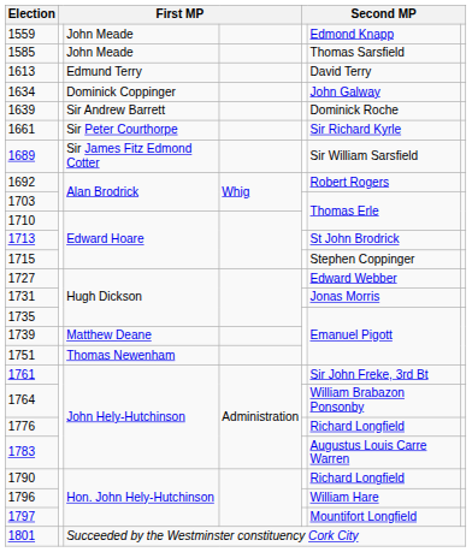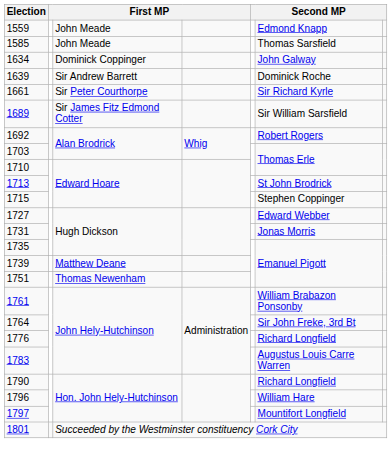 <table class="wikitable">
 <tr>
 <th>Election</th>
 <th colspan=3>First MP</th>
 <th colspan=3>Second MP</th>
 </tr>
 <tr>
 <td>1559</td>
 <td style="background-color: white"></td>
 <td>John Meade </td>
 <td></td>
 <td style="background-color: white"></td>
 <td><a href='#'>Edmond Knapp</a></td>
 <td></td>
 </tr>
 <tr>
 <td>1585</td>
 <td style="background-color: white"></td>
 <td>John Meade </td>
 <td></td>
 <td style="background-color: white"></td>
 <td>Thomas Sarsfield</td>
-<td></td>
-</tr>
-<tr>
-<td>1613</td>
-<td style="background-color: white"></td>
-<td>Edmund Terry </td>
-<td></td>
-<td style="background-color: white"></td>
-<td>David Terry</td>
 <td></td>
 </tr>
 <tr>
 <td>1634</td>
 <td style="background-color: white"></td>
 <td>Dominick Coppinger </td>
 <td></td>
 <td style="background-color: white"></td>
 <td><a href='#'>John Galway</a></td>
 <td></td>
 </tr>
 <tr>
 <td>1639</td>
 <td style="background-color: white"></td>
 <td>Sir Andrew Barrett </td>
 <td></td>
 <td style="background-color: white"></td>
 <td>Dominick Roche</td>
 <td></td>
 </tr>
 <tr>
 <td>1661</td>
 <td style="background-color: white"></td>
 <td>Sir <a href='#'>Peter Courthorpe</a> </td>
 <td></td>
 <td style="background-color: white"></td>
 <td><a href='#'>Sir Richard Kyrle</a></td>
 <td></td>
 </tr>
 <tr>
 <td><a href='#'>1689</a></td>
 <td style="background-color: white"></td>
 <td>Sir <a href='#'>James Fitz Edmond Cotter</a> </td>
 <td></td>
 <td style="background-color: white"></td>
 <td>Sir William Sarsfield</td>
 <td></td>
 </tr>
 <tr>
 <td>1692</td>
 <td rowspan="2" style="background-color: "></td>
 <td rowspan="2"><a href='#'>Alan Brodrick</a></td>
 <td rowspan="2"><a href='#'>Whig</a></td>
 <td style="background-color: white"></td>
 <td><a href='#'>Robert Rogers</a></td>
 <td></td>
 </tr>
 <tr>
 <td>1703</td>
 <td rowspan="2" style="background-color: white"></td>
 <td rowspan="2"><a href='#'>Thomas Erle</a></td>
 <td rowspan="2"></td>
 </tr>
 <tr>
 <td>1710</td>
 <td rowspan="3" style="background-color: white"></td>
 <td rowspan="3"><a href='#'>Edward Hoare</a></td>
 <td rowspan="3"></td>
 </tr>
 <tr>
 <td><a href='#'>1713</a></td>
 <td style="background-color: white"></td>
 <td><a href='#'>St John Brodrick</a></td>
 <td></td>
 </tr>
 <tr>
 <td>1715</td>
 <td style="background-color: white"></td>
 <td>Stephen Coppinger</td>
 <td></td>
 </tr>
 <tr>
 <td>1727</td>
 <td rowspan="3" style="background-color: white"></td>
 <td rowspan="3">Hugh Dickson</td>
 <td rowspan="3"></td>
 <td style="background-color: white"></td>
 <td><a href='#'>Edward Webber</a></td>
 <td></td>
 </tr>
 <tr>
 <td>1731</td>
 <td style="background-color: white"></td>
 <td><a href='#'>Jonas Morris</a></td>
 <td></td>
 </tr>
 <tr>
 <td>1735</td>
 <td rowspan="3" style="background-color: white"></td>
 <td rowspan="3"><a href='#'>Emanuel Pigott</a></td>
 <td rowspan="3"></td>
 </tr>
 <tr>
 <td>1739</td>
 <td style="background-color: white"></td>
 <td><a href='#'>Matthew Deane</a></td>
 <td></td>
 </tr>
 <tr>
 <td>1751</td>
 <td style="background-color: white"></td>
 <td><a href='#'>Thomas Newenham</a></td>
 <td></td>
 </tr>
 <tr>
 <td><a href='#'>1761</a></td>
 <td rowspan="4" style="background-color: white"></td>
 <td rowspan="4"><a href='#'>John Hely-Hutchinson</a></td>
 <td rowspan="4">Administration</td>
 <td style="background-color: white"></td>
-<td><a href='#'>Sir John Freke, 3rd Bt</a></td>
+<td><a href='#'>William Brabazon Ponsonby</a></td>
 <td></td>
 </tr>
 <tr>
 <td>1764</td>
 <td style="background-color: white"></td>
-<td><a href='#'>William Brabazon Ponsonby</a></td>
+<td><a href='#'>Sir John Freke, 3rd Bt</a></td>
 <td></td>
 </tr>
 <tr>
 <td>1776</td>
 <td style="background-color: white"></td>
 <td><a href='#'>Richard Longfield</a></td>
 <td></td>
 </tr>
 <tr>
 <td><a href='#'>1783</a></td>
 <td style="background-color: white"></td>
 <td><a href='#'>Augustus Louis Carre Warren</a></td>
 <td></td>
 </tr>
 <tr>
 <td>1790</td>
 <td rowspan="3" style="background-color: white"></td>
 <td rowspan="3"><a href='#'>Hon. John Hely-Hutchinson</a></td>
 <td rowspan="3"></td>
 <td style="background-color: white"></td>
 <td><a href='#'>Richard Longfield</a></td>
 <td></td>
 </tr>
 <tr>
 <td>1796</td>
 <td style="background-color: white"></td>
 <td><a href='#'>William Hare</a></td>
 <td></td>
 </tr>
 <tr>
 <td><a href='#'>1797</a></td>
 <td style="background-color: white"></td>
 <td><a href='#'>Mountifort Longfield</a></td>
 <td></td>
 </tr>
 <tr>
 <td><a href='#'>1801</a></td>
 <td></td>
 <td colspan="5"><em>Succeeded by the Westminster constituency <a href='#'>Cork City</a></em></td>
 </tr>
 </table>
